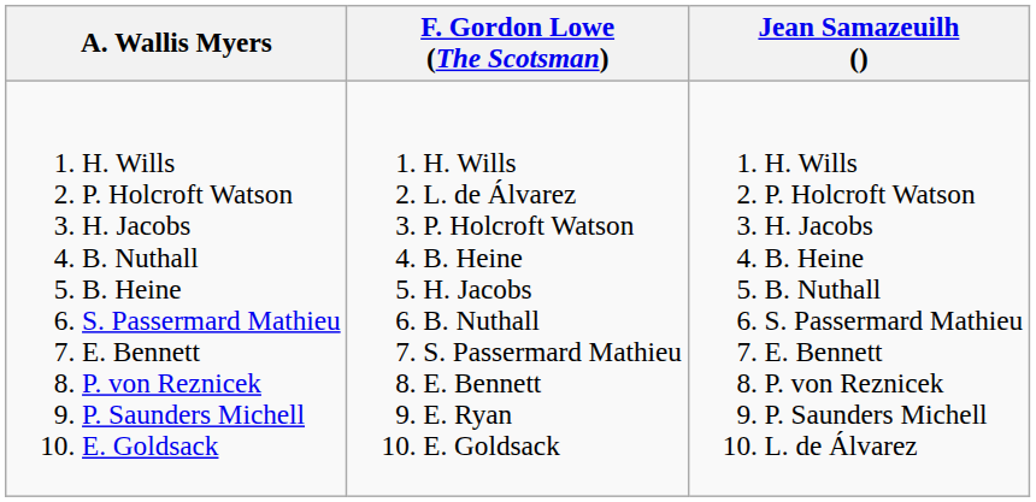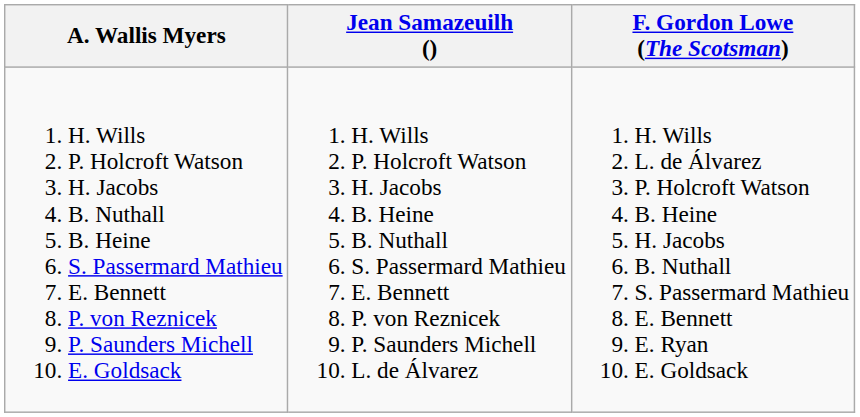 <table class="wikitable">
 <tr>
 <th>A. Wallis Myers</th>
+<th><a href='#'>Jean Samazeuilh</a><br>(<em></em>)</th>
 <th><a href='#'>F. Gordon Lowe</a><br>(<em><a href='#'>The Scotsman</a></em>)</th>
-<th><a href='#'>Jean Samazeuilh</a><br>(<em></em>)</th>
 </tr>
 <tr style="vertical-align: top;">
 <td style="white-space: nowrap;"><br><ol><li> H. Wills</li><li> P. Holcroft Watson</li><li> H. Jacobs</li><li> B. Nuthall</li><li> B. Heine</li><li> <a href='#'>S. Passermard Mathieu</a></li><li> E. Bennett</li><li> <a href='#'>P. von Reznicek</a></li><li> <a href='#'>P. Saunders Michell</a></li><li> <a href='#'>E. Goldsack</a></li></ol></td>
+<td style="white-space: nowrap;"><br><ol><li> H. Wills</li><li> P. Holcroft Watson</li><li> H. Jacobs</li><li> B. Heine</li><li> B. Nuthall</li><li> S. Passermard Mathieu</li><li> E. Bennett</li><li> P. von Reznicek</li><li> P. Saunders Michell</li><li> L. de Álvarez</li></ol></td>
 <td style="white-space: nowrap;"><br><ol><li> H. Wills</li><li> L. de Álvarez</li><li> P. Holcroft Watson</li><li> B. Heine</li><li> H. Jacobs</li><li> B. Nuthall</li><li> S. Passermard Mathieu</li><li> E. Bennett</li><li> E. Ryan</li><li> E. Goldsack</li></ol></td>
-<td style="white-space: nowrap;"><br><ol><li> H. Wills</li><li> P. Holcroft Watson</li><li> H. Jacobs</li><li> B. Heine</li><li> B. Nuthall</li><li> S. Passermard Mathieu</li><li> E. Bennett</li><li> P. von Reznicek</li><li> P. Saunders Michell</li><li> L. de Álvarez</li></ol></td>
 </tr>
 </table>
